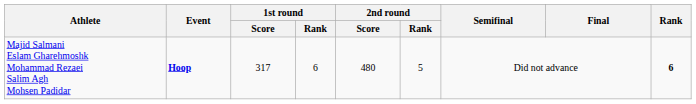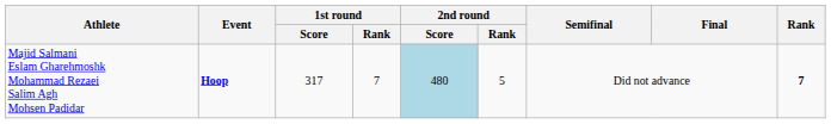 <table class="wikitable" width="80%" style="text-align:center; font-size:90%">
 <tr>
 <th rowspan="2" width="20%">Athlete</th>
 <th rowspan="2" width="8%">Event</th>
 <th colspan="2" width="13%">1st round</th>
 <th colspan="2" width="13%">2nd round</th>
 <th rowspan="2" width="13%">Semifinal</th>
 <th rowspan="2" width="13%">Final</th>
 <th rowspan="2" width="5%">Rank</th>
 </tr>
 <tr>
 <th width="8%">Score</th>
 <th>Rank</th>
 <th width="8%">Score</th>
 <th>Rank</th>
 </tr>
 <tr>
 <td align="left"><a href='#'>Majid Salmani</a><br><a href='#'>Eslam Gharehmoshk</a><br><a href='#'>Mohammad Rezaei</a><br><a href='#'>Salim Agh</a><br><a href='#'>Mohsen Padidar</a></td>
 <td align="left"><strong><a href='#'>Hoop</a></strong></td>
 <td>317</td>
-<td>6 <strong></strong></td>
-<td>480</td>
+<td>7 <strong></strong></td>
+<td style="background: lightblue;">480</td>
 <td>5</td>
 <td colspan=2 align=center>Did not advance</td>
-<td align=center><strong>6</strong></td>
+<td align=center><strong>7</strong></td>
 </tr>
 </table>
